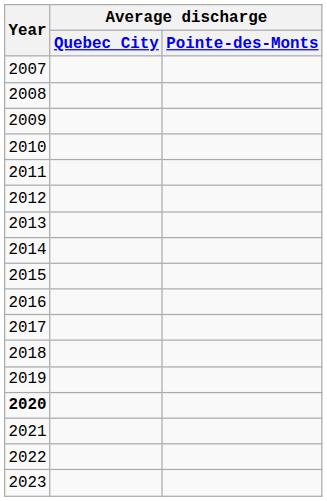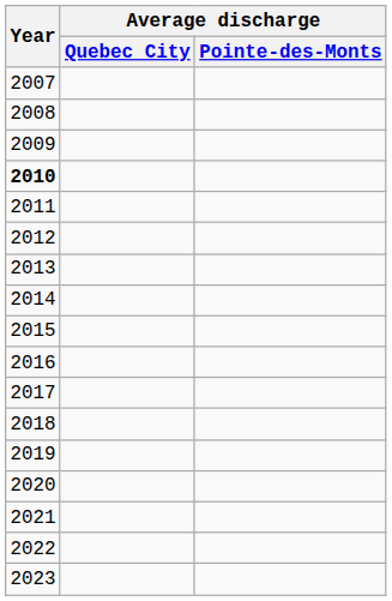 <table class="wikitable" style="text-align:center;">
 <tr>
 <th rowspan="2">Year</th>
 <th colspan="2">Average discharge</th>
 </tr>
 <tr>
 <th><a href='#'>Quebec City</a></th>
 <th><a href='#'>Pointe-des-Monts</a></th>
 </tr>
 <tr>
 <td>2007</td>
 <td></td>
 <td></td>
 </tr>
 <tr>
 <td>2008</td>
 <td></td>
 <td></td>
 </tr>
 <tr>
 <td>2009</td>
 <td></td>
 <td></td>
 </tr>
 <tr>
-<td>2010</td>
+<td><strong>2010</strong></td>
 <td></td>
 <td></td>
 </tr>
 <tr>
 <td>2011</td>
 <td></td>
 <td></td>
 </tr>
 <tr>
 <td>2012</td>
 <td></td>
 <td></td>
 </tr>
 <tr>
 <td>2013</td>
 <td></td>
 <td></td>
 </tr>
 <tr>
 <td>2014</td>
 <td></td>
 <td></td>
 </tr>
 <tr>
 <td>2015</td>
 <td></td>
 <td></td>
 </tr>
 <tr>
 <td>2016</td>
 <td></td>
 <td></td>
 </tr>
 <tr>
 <td>2017</td>
 <td></td>
 <td></td>
 </tr>
 <tr>
 <td>2018</td>
 <td></td>
 <td></td>
 </tr>
 <tr>
 <td>2019</td>
 <td></td>
 <td></td>
 </tr>
 <tr>
-<td><strong>2020</strong></td>
+<td>2020</td>
 <td></td>
 <td></td>
 </tr>
 <tr>
 <td>2021</td>
 <td></td>
 <td></td>
 </tr>
 <tr>
 <td>2022</td>
 <td></td>
 <td></td>
 </tr>
 <tr>
 <td>2023</td>
 <td></td>
 <td></td>
 </tr>
 </table>
